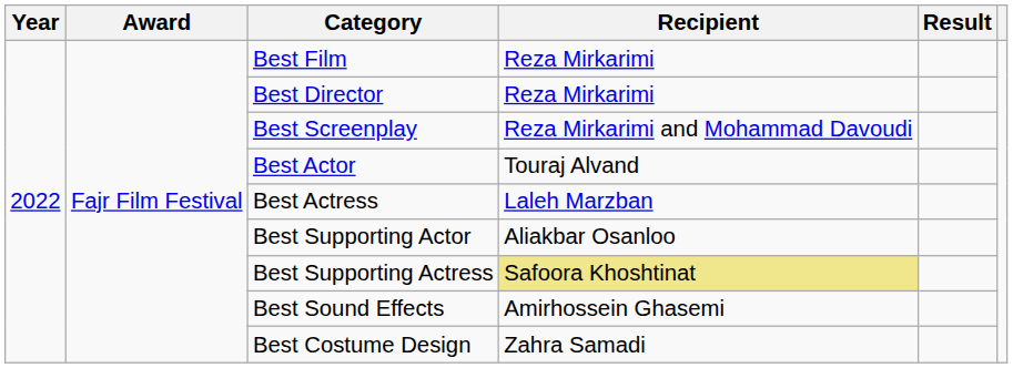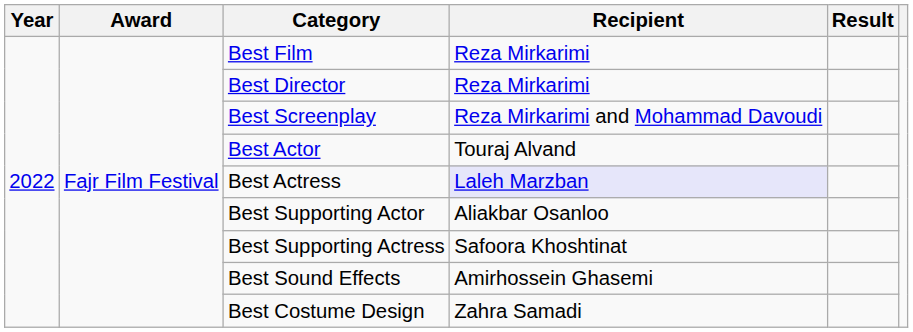 <table class="wikitable sortable">
 <tr>
 <th>Year</th>
 <th>Award</th>
 <th>Category</th>
 <th>Recipient</th>
 <th>Result</th>
 <th></th>
 </tr>
 <tr>
 <td rowspan="9"><a href='#'>2022</a></td>
 <td rowspan="9"><a href='#'>Fajr Film Festival</a></td>
 <td><a href='#'>Best Film</a></td>
 <td><a href='#'>Reza Mirkarimi</a></td>
 <td></td>
 <td rowspan="9"></td>
 </tr>
 <tr>
 <td><a href='#'>Best Director</a></td>
 <td><a href='#'>Reza Mirkarimi</a></td>
 <td></td>
 </tr>
 <tr>
 <td><a href='#'>Best Screenplay</a></td>
 <td><a href='#'>Reza Mirkarimi</a> and <a href='#'>Mohammad Davoudi</a></td>
 <td></td>
 </tr>
 <tr>
 <td><a href='#'>Best Actor</a></td>
 <td>Touraj Alvand</td>
 <td></td>
 </tr>
 <tr>
 <td>Best Actress</td>
-<td><a href='#'>Laleh Marzban</a></td>
+<td style="background: lavender;"><a href='#'>Laleh Marzban</a></td>
 <td></td>
 </tr>
 <tr>
 <td>Best Supporting Actor</td>
 <td>Aliakbar Osanloo</td>
 <td></td>
 </tr>
 <tr>
 <td>Best Supporting Actress</td>
-<td style="background: khaki;">Safoora Khoshtinat</td>
+<td>Safoora Khoshtinat</td>
 <td></td>
 </tr>
 <tr>
 <td>Best Sound Effects</td>
 <td>Amirhossein Ghasemi</td>
 <td></td>
 </tr>
 <tr>
 <td>Best Costume Design</td>
 <td>Zahra Samadi</td>
 <td></td>
 </tr>
 </table>
